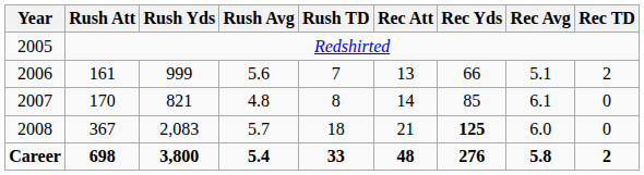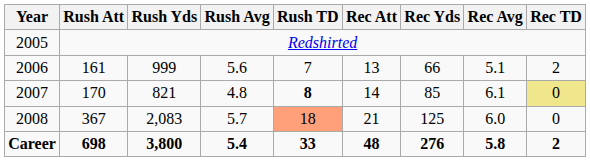 <table class="wikitable" border="1" style="text-align: center">
 <tr>
 <th>Year</th>
 <th>Rush Att</th>
 <th>Rush Yds</th>
 <th>Rush Avg</th>
 <th>Rush TD</th>
 <th>Rec Att</th>
 <th>Rec Yds</th>
 <th>Rec Avg</th>
 <th>Rec TD</th>
 </tr>
 <tr>
 <td>2005</td>
 <td colspan=8 align=center><em><a href='#'>Redshirted</a></em></td>
 </tr>
 <tr>
 <td>2006</td>
 <td>161</td>
 <td>999</td>
 <td>5.6</td>
 <td>7</td>
 <td>13</td>
 <td>66</td>
 <td>5.1</td>
 <td>2</td>
 </tr>
 <tr>
 <td>2007</td>
 <td>170</td>
 <td>821</td>
 <td>4.8</td>
-<td>8</td>
+<td><strong>8</strong></td>
 <td>14</td>
 <td>85</td>
 <td>6.1</td>
-<td>0</td>
+<td style="background: khaki;">0</td>
 </tr>
 <tr>
 <td>2008</td>
 <td>367</td>
 <td>2,083</td>
 <td>5.7</td>
-<td>18</td>
+<td style="background: lightsalmon;">18</td>
 <td>21</td>
-<td><strong>125</strong></td>
+<td>125</td>
 <td>6.0</td>
 <td>0</td>
 </tr>
 <tr>
 <td><strong>Career</strong></td>
 <td><strong>698</strong></td>
 <td><strong>3,800</strong></td>
 <td><strong>5.4</strong></td>
 <td><strong>33</strong></td>
 <td><strong>48</strong></td>
 <td><strong>276</strong></td>
 <td><strong>5.8</strong></td>
 <td><strong>2</strong></td>
 </tr>
 <tr>
 </tr>
 </table>
